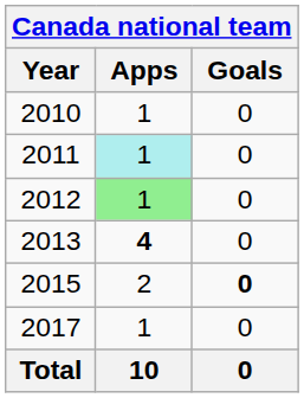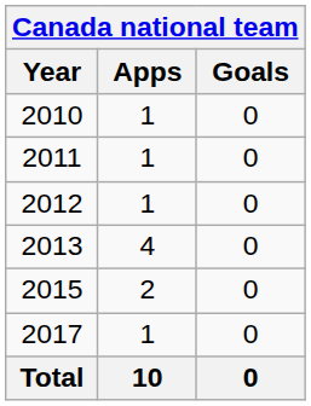 <table class="wikitable" style="text-align:center">
 <tr>
 <th colspan=3><a href='#'>Canada national team</a></th>
 </tr>
 <tr>
 <th>Year</th>
 <th>Apps</th>
 <th>Goals</th>
 </tr>
 <tr>
 <td>2010</td>
 <td>1</td>
 <td>0</td>
 </tr>
 <tr>
 <td>2011</td>
-<td style="background: paleturquoise;">1</td>
+<td>1</td>
 <td>0</td>
 </tr>
 <tr>
 <td>2012</td>
-<td style="background: lightgreen;">1</td>
+<td>1</td>
 <td>0</td>
 </tr>
 <tr>
 <td>2013</td>
-<td><strong>4</strong></td>
+<td>4</td>
 <td>0</td>
 </tr>
 <tr>
 <td>2015</td>
 <td>2</td>
-<td><strong>0</strong></td>
+<td>0</td>
 </tr>
 <tr>
 <td>2017</td>
 <td>1</td>
 <td>0</td>
 </tr>
 <tr>
 <th>Total</th>
 <th>10</th>
 <th>0</th>
 </tr>
 </table>
